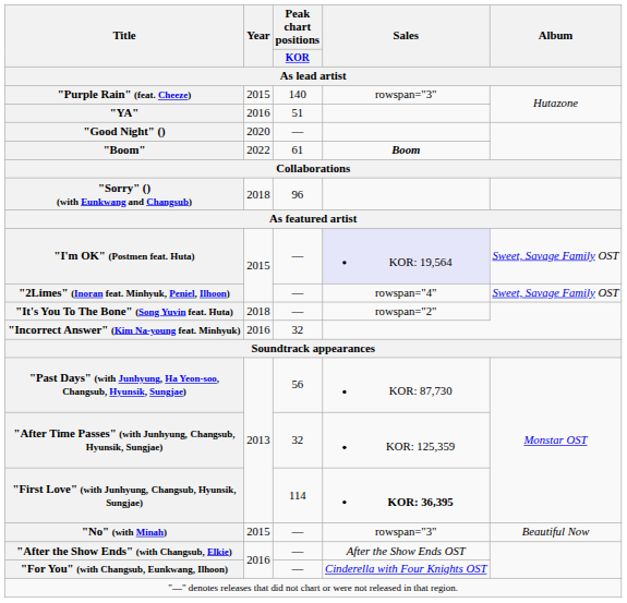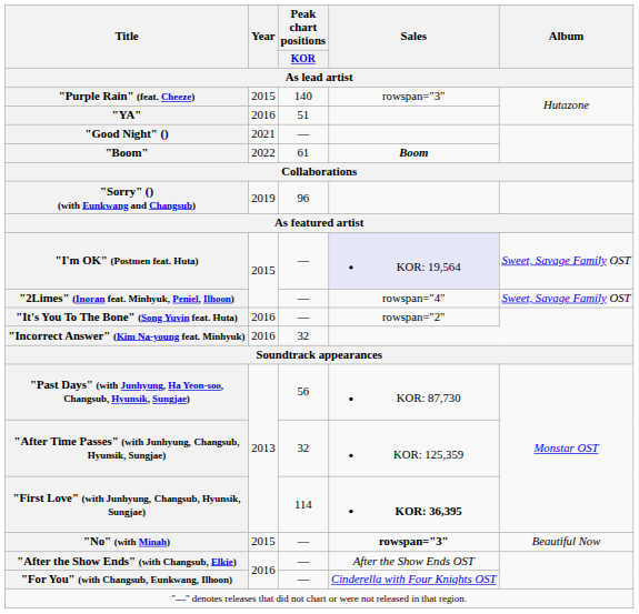 <table class="wikitable plainrowheaders" style="text-align:center;" border="1">
 <tr>
 <th scope="col" rowspan="2" style="width:20em;">Title</th>
 <th scope="col" rowspan="2">Year</th>
 <th scope="col" colspan="1">Peak chart positions</th>
 <th scope="col" rowspan="2">Sales</th>
 <th scope="col" rowspan="2">Album</th>
 </tr>
 <tr>
 <th scope="col" style="width:3em;font-size:90%;"><a href='#'>KOR</a><br></th>
 </tr>
 <tr>
 <th colspan="5">As lead artist</th>
 </tr>
 <tr>
 <th scope="row">"Purple Rain" <small>(feat. <a href='#'>Cheeze</a>)</small></th>
 <td>2015</td>
 <td>140</td>
 <td>rowspan="3" </td>
 <td rowspan="2"><em>Hutazone</em></td>
 </tr>
 <tr>
 <th scope="row">"YA"</th>
 <td>2016</td>
 <td>51</td>
 </tr>
 <tr>
 <th scope="row">"Good Night" ()</th>
-<td>2020</td>
+<td>2021</td>
 <td>—</td>
 <td></td>
 </tr>
 <tr>
 <th scope="row">"Boom"</th>
 <td>2022</td>
 <td>61</td>
 <td><strong><em>Boom</em></strong></td>
 </tr>
 <tr>
 <th colspan="5">Collaborations</th>
 </tr>
 <tr>
 <th scope="row">"Sorry" () <br><small>(with <a href='#'>Eunkwang</a> and <a href='#'>Changsub</a>)</small></th>
-<td>2018</td>
+<td>2019</td>
 <td>96</td>
 <td></td>
 <td></td>
 </tr>
 <tr>
 <th colspan="5">As featured artist</th>
 </tr>
 <tr>
 <th scope="row">"I'm OK" <small>(Postmen feat. Huta)</small></th>
 <td rowspan="2">2015</td>
 <td>—</td>
 <td style="background: lavender;"><br><ul><li>KOR: 19,564</li></ul></td>
 <td><em><a href='#'>Sweet, Savage Family</a> OST</em></td>
 </tr>
 <tr>
 <th scope="row">"2Limes" <small>(<a href='#'>Inoran</a> feat. Minhyuk, <a href='#'>Peniel</a>, <a href='#'>Ilhoon</a>)</small></th>
 <td>—</td>
 <td>rowspan="4" </td>
 <td><em><a href='#'>Sweet, Savage Family</a> OST</em></td>
 </tr>
 <tr>
 <th scope="row">"It's You To The Bone" <small>(<a href='#'>Song Yuvin</a> feat. Huta)</small></th>
-<td>2018</td>
+<td>2016</td>
 <td>—</td>
 <td>rowspan="2" </td>
 </tr>
 <tr>
 <th scope="row">"Incorrect Answer" <small>(<a href='#'>Kim Na-young</a> feat. Minhyuk)</small></th>
 <td>2016</td>
 <td>32</td>
 </tr>
 <tr>
 <th colspan="5">Soundtrack appearances</th>
 </tr>
 <tr>
 <th scope="row">"Past Days"  <small>(with <a href='#'>Junhyung</a>, <a href='#'>Ha Yeon-soo</a>,</small> <small>Changsub, <a href='#'>Hyunsik</a>, <a href='#'>Sungjae</a>)</small></th>
 <td rowspan="3">2013</td>
 <td>56</td>
 <td><br><ul><li>KOR: 87,730</li></ul></td>
 <td rowspan="3"><a href='#'><em>Monstar OST</em></a></td>
 </tr>
 <tr>
 <th scope="row">"After Time Passes" <small>(with Junhyung,</small> <small>Changsub, Hyunsik, Sungjae)</small></th>
 <td>32</td>
 <td><br><ul><li>KOR: 125,359</li></ul></td>
 </tr>
 <tr>
 <th scope="row">"First Love" <small>(with Junhyung,</small> <small>Changsub, Hyunsik, Sungjae)</small></th>
 <td>114</td>
 <td><strong><br><ul><li>KOR: 36,395</li></ul></strong></td>
 </tr>
 <tr>
 <th scope="row">"No" <small>(with <a href='#'>Minah</a>)</small></th>
 <td>2015</td>
 <td>—</td>
-<td>rowspan="3" </td>
+<td><strong>rowspan="3" </strong></td>
 <td><em>Beautiful Now</em></td>
 </tr>
 <tr>
 <th scope="row">"After the Show Ends" <small>(with Changsub, <a href='#'>Elkie</a>)</small></th>
 <td rowspan="2">2016</td>
 <td>—</td>
 <td><em>After the Show Ends OST</em></td>
 </tr>
 <tr>
 <th scope="row">"For You" <small>(with Changsub, Eunkwang, Ilhoon)</small></th>
 <td>—</td>
 <td><a href='#'><em>Cinderella with Four Knights OST</em></a></td>
 </tr>
 <tr>
 <td colspan="5"><small>"—" denotes releases that did not chart or were not released in that region.</small></td>
 </tr>
 </table>
